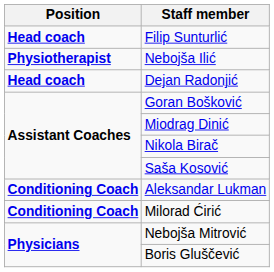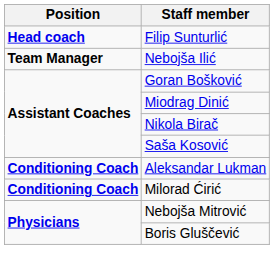 <table class="wikitable">
 <tr>
 <th>Position</th>
 <th>Staff member</th>
 </tr>
 <tr>
 <td><strong><a href='#'>Head coach</a></strong></td>
 <td> <a href='#'>Filip Sunturlić</a></td>
 </tr>
 <tr>
-<td><strong><a href='#'>Physiotherapist</a></strong></td>
+<td><strong>Team Manager</strong></td>
 <td> <a href='#'>Nebojša Ilić</a></td>
-</tr>
-<tr>
-<td><strong><a href='#'>Head coach</a></strong></td>
-<td> <a href='#'>Dejan Radonjić</a></td>
 </tr>
 <tr>
 <td rowspan=4><strong>Assistant Coaches</strong></td>
 <td> <a href='#'>Goran Bošković</a></td>
 </tr>
 <tr>
 <td> <a href='#'>Miodrag Dinić</a></td>
 </tr>
 <tr>
 <td> <a href='#'>Nikola Birač</a></td>
 </tr>
 <tr>
 <td> <a href='#'>Saša Kosović</a></td>
 </tr>
 <tr>
 <td><strong><a href='#'>Conditioning Coach</a></strong></td>
 <td> <a href='#'>Aleksandar Lukman</a></td>
 </tr>
 <tr>
 <td><strong><a href='#'>Conditioning Coach</a></strong></td>
 <td> Milorad Ćirić</td>
 </tr>
 <tr>
 <td rowspan=2><strong><a href='#'>Physicians</a></strong></td>
 <td> Nebojša Mitrović</td>
 </tr>
 <tr>
 <td> Boris Gluščević</td>
 </tr>
 </table>
